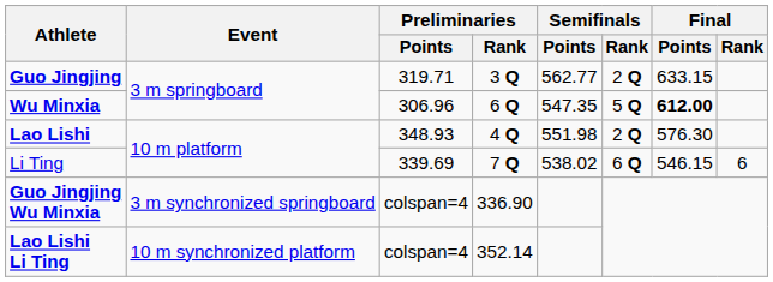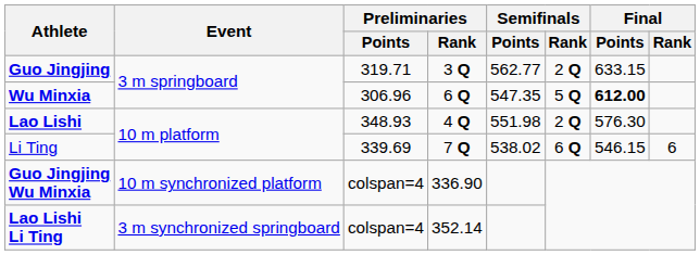 <table class=wikitable style="font-size:90%">
 <tr>
 <th rowspan="2">Athlete</th>
 <th rowspan="2">Event</th>
 <th colspan="2">Preliminaries</th>
 <th colspan="2">Semifinals</th>
 <th colspan="2">Final</th>
 </tr>
 <tr style="font-size:95%">
 <th>Points</th>
 <th>Rank</th>
 <th>Points</th>
 <th>Rank</th>
 <th>Points</th>
 <th>Rank</th>
 </tr>
 <tr align=center>
 <td align=left><strong><a href='#'>Guo Jingjing</a></strong></td>
 <td style="text-align:left;" rowspan="2"><a href='#'>3 m springboard</a></td>
 <td>319.71</td>
 <td>3 <strong>Q</strong></td>
 <td>562.77</td>
 <td>2 <strong>Q</strong></td>
 <td>633.15</td>
 <td></td>
 </tr>
 <tr align=center>
 <td align=left><strong><a href='#'>Wu Minxia</a></strong></td>
 <td>306.96</td>
 <td>6 <strong>Q</strong></td>
 <td>547.35</td>
 <td>5 <strong>Q</strong></td>
 <td><strong>612.00</strong></td>
 <td></td>
 </tr>
 <tr align=center>
 <td align=left><strong><a href='#'>Lao Lishi</a></strong></td>
 <td style="text-align:left;" rowspan="2"><a href='#'>10 m platform</a></td>
 <td>348.93</td>
 <td>4 <strong>Q</strong></td>
 <td>551.98</td>
 <td>2 <strong>Q</strong></td>
 <td>576.30</td>
 <td></td>
 </tr>
 <tr align=center>
 <td align=left><a href='#'>Li Ting</a></td>
 <td>339.69</td>
 <td>7 <strong>Q</strong></td>
 <td>538.02</td>
 <td>6 <strong>Q</strong></td>
 <td>546.15</td>
 <td>6</td>
 </tr>
 <tr align=center>
 <td align=left><strong><a href='#'>Guo Jingjing</a><br><a href='#'>Wu Minxia</a></strong></td>
-<td align=left><a href='#'>3 m synchronized springboard</a></td>
+<td align=left><a href='#'>10 m synchronized platform</a></td>
 <td>colspan=4 </td>
 <td>336.90</td>
 <td></td>
 </tr>
 <tr align=center>
 <td align=left><strong><a href='#'>Lao Lishi</a><br><a href='#'>Li Ting</a></strong></td>
-<td align=left><a href='#'>10 m synchronized platform</a></td>
+<td align=left><a href='#'>3 m synchronized springboard</a></td>
 <td>colspan=4 </td>
 <td>352.14</td>
 <td></td>
 </tr>
 </table>
